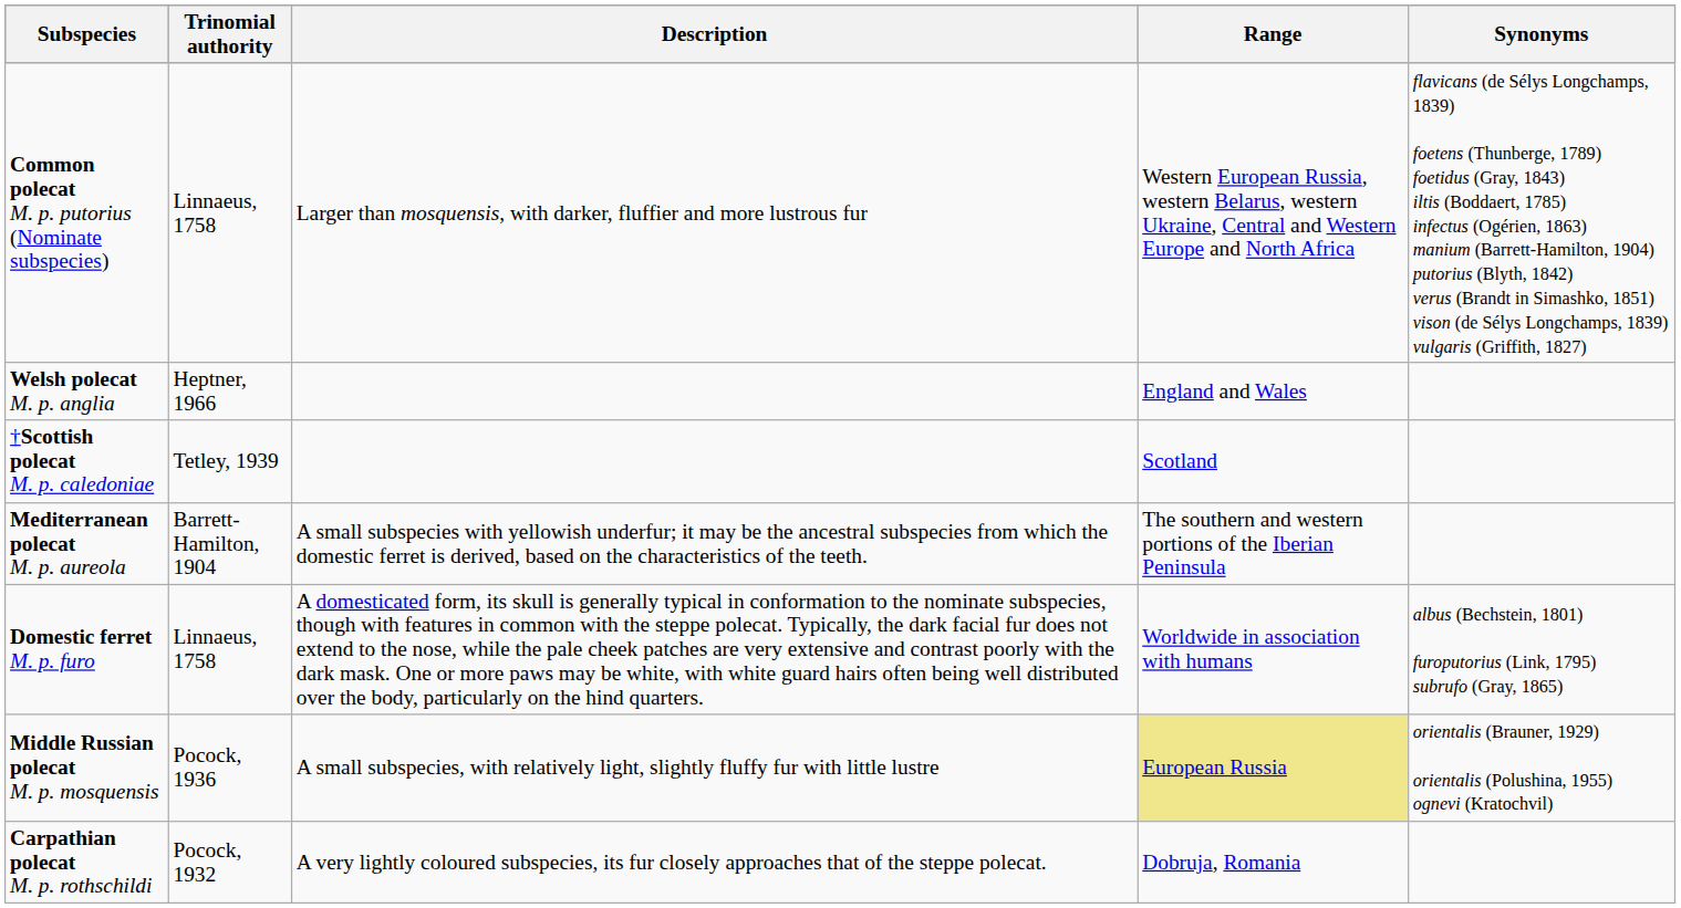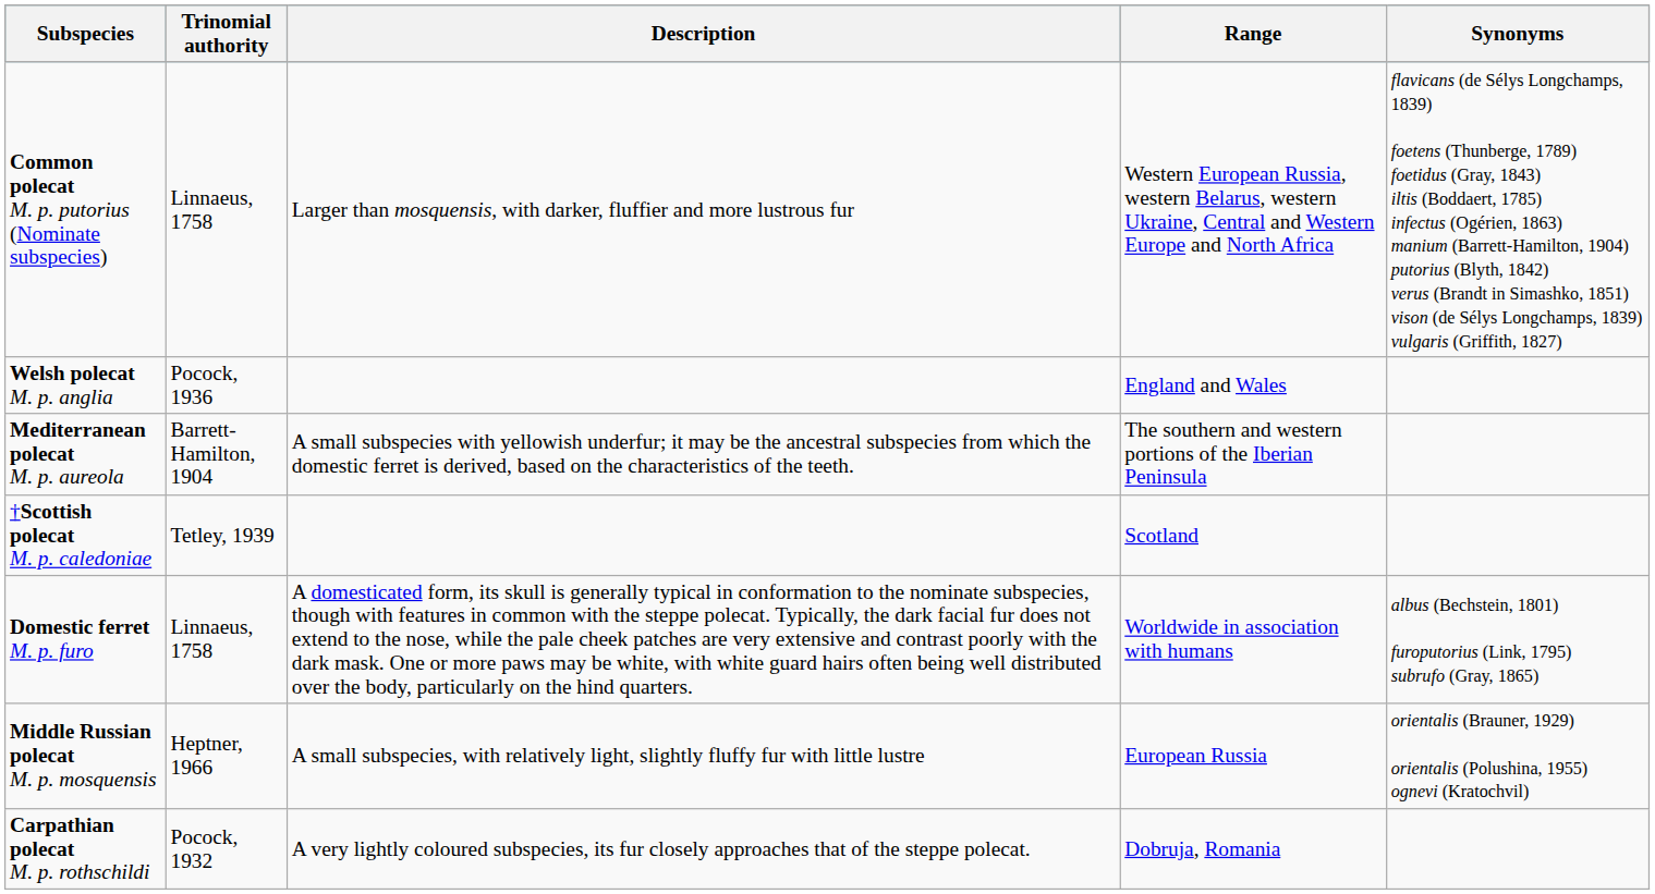 <table class="wikitable collapsible" font="90%">
 <tr style="background: #115a6c">
 <th>Subspecies</th>
 <th>Trinomial authority</th>
 <th>Description</th>
 <th>Range</th>
 <th style="width:12em;">Synonyms</th>
 </tr>
 <tr --->
 <td><strong>Common polecat</strong><br><em>M. p. putorius</em><br>(<a href='#'>Nominate subspecies</a>) </td>
 <td>Linnaeus, 1758</td>
 <td>Larger than <em>mosquensis</em>, with darker, fluffier and more lustrous fur</td>
 <td>Western <a href='#'>European Russia</a>, western <a href='#'>Belarus</a>, western <a href='#'>Ukraine</a>, <a href='#'>Central</a> and <a href='#'>Western Europe</a> and <a href='#'>North Africa</a></td>
 <td><small><em>flavicans</em> (de Sélys Longchamps, 1839)</small><br><br><small><em>foetens</em> (Thunberge, 1789)</small><br> <small><em>foetidus</em> (Gray, 1843)</small><br> <small><em>iltis</em> (Boddaert, 1785)</small><br> <small><em>infectus</em> (Ogérien, 1863)</small><br> <small><em>manium</em> (Barrett-Hamilton, 1904)</small><br> <small><em>putorius</em> (Blyth, 1842)</small><br> <small><em>verus</em> (Brandt in Simashko, 1851)</small><br> <small><em>vison</em> (de Sélys Longchamps, 1839)</small><br> <small><em>vulgaris</em> (Griffith, 1827)</small></td>
 </tr>
 <tr --->
 <td><strong>Welsh polecat</strong><br><em>M. p. anglia</em><br></td>
-<td>Heptner, 1966</td>
+<td>Pocock, 1936</td>
 <td></td>
 <td><a href='#'>England</a> and <a href='#'>Wales</a></td>
+<td></td>
+</tr>
+<tr --->
+<td><strong>Mediterranean polecat</strong><br><em>M. p. aureola</em><br></td>
+<td>Barrett-Hamilton, 1904</td>
+<td>A small subspecies with yellowish underfur; it may be the ancestral subspecies from which the domestic ferret is derived, based on the characteristics of the teeth.</td>
+<td>The southern and western portions of the <a href='#'>Iberian Peninsula</a></td>
 <td></td>
 </tr>
 <tr --->
 <td><a href='#'>†</a><strong>Scottish polecat</strong><br><em><a href='#'>M. p. caledoniae</a></em><br></td>
 <td>Tetley, 1939</td>
 <td></td>
 <td><a href='#'>Scotland</a></td>
-<td></td>
-</tr>
-<tr --->
-<td><strong>Mediterranean polecat</strong><br><em>M. p. aureola</em><br></td>
-<td>Barrett-Hamilton, 1904</td>
-<td>A small subspecies with yellowish underfur; it may be the ancestral subspecies from which the domestic ferret is derived, based on the characteristics of the teeth.</td>
-<td>The southern and western portions of the <a href='#'>Iberian Peninsula</a></td>
 <td></td>
 </tr>
 <tr --->
 <td><strong>Domestic ferret</strong><br><em><a href='#'>M. p. furo</a></em><br></td>
 <td>Linnaeus, 1758</td>
 <td>A <a href='#'>domesticated</a> form, its skull is generally typical in conformation to the nominate subspecies, though with features in common with the steppe polecat. Typically, the dark facial fur does not extend to the nose, while the pale cheek patches are very extensive and contrast poorly with the dark mask. One or more paws may be white, with white guard hairs often being well distributed over the body, particularly on the hind quarters.</td>
 <td><a href='#'>Worldwide in association with humans</a></td>
 <td><small><em>albus</em> (Bechstein, 1801)</small><br><br><small><em>furoputorius</em> (Link, 1795)</small><br> <small><em>subrufo</em> (Gray, 1865)</small></td>
 </tr>
 <tr --->
 <td><strong>Middle Russian polecat</strong><br><em>M. p. mosquensis</em></td>
-<td>Pocock, 1936</td>
+<td>Heptner, 1966</td>
 <td>A small subspecies, with relatively light, slightly fluffy fur with little lustre</td>
-<td style="background: khaki;"><a href='#'>European Russia</a></td>
+<td><a href='#'>European Russia</a></td>
 <td><small><em>orientalis</em> (Brauner, 1929)</small><br><br><small><em>orientalis</em> (Polushina, 1955)</small><br> <small><em>ognevi</em> (Kratochvil)</small></td>
 </tr>
 <tr --->
 <td><strong>Carpathian polecat</strong><br><em>M. p. rothschildi</em></td>
 <td>Pocock, 1932</td>
 <td>A very lightly coloured subspecies, its fur closely approaches that of the steppe polecat.</td>
 <td><a href='#'>Dobruja</a>, <a href='#'>Romania</a></td>
 <td></td>
 </tr>
 <tr --->
 </tr>
 </table>
